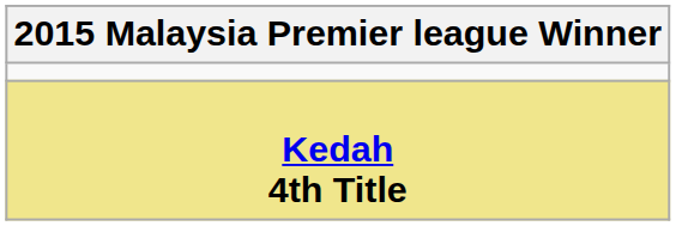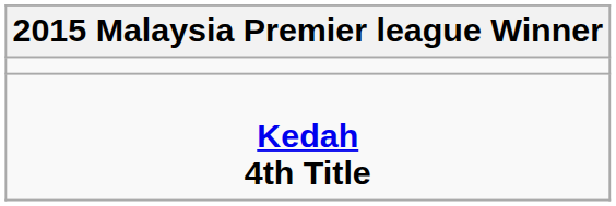 <table class="wikitable" style="text-align: center; margin: 0 auto;">
 <tr>
 <th>2015 Malaysia Premier league Winner</th>
 </tr>
 <tr>
 <td></td>
 </tr>
 <tr>
-<td style="background: khaki;"><strong><br> <a href='#'>Kedah</a> </strong><br><strong>4th Title</strong></td>
+<td><strong><br> <a href='#'>Kedah</a> </strong><br><strong>4th Title</strong></td>
 </tr>
 </table>
